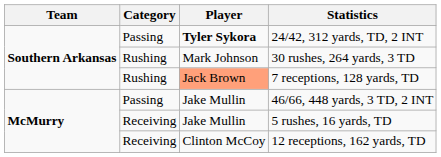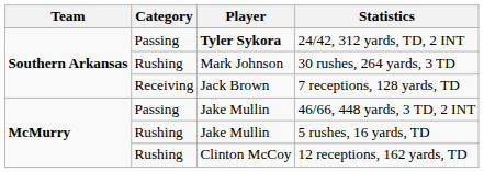 <table class="wikitable" style="float: left;">
 <tr>
 <th>Team</th>
 <th>Category</th>
 <th>Player</th>
 <th>Statistics</th>
 </tr>
 <tr>
 <td rowspan=3><strong>Southern Arkansas</strong></td>
 <td>Passing</td>
 <td><strong>Tyler Sykora</strong></td>
 <td>24/42, 312 yards, TD, 2 INT</td>
 </tr>
 <tr>
 <td>Rushing</td>
 <td>Mark Johnson</td>
 <td>30 rushes, 264 yards, 3 TD</td>
 </tr>
 <tr>
-<td>Rushing</td>
-<td style="background: lightsalmon;">Jack Brown</td>
+<td>Receiving</td>
+<td>Jack Brown</td>
 <td>7 receptions, 128 yards, TD</td>
 </tr>
 <tr>
 <td rowspan=3><strong>McMurry</strong></td>
 <td>Passing</td>
 <td>Jake Mullin</td>
 <td>46/66, 448 yards, 3 TD, 2 INT</td>
 </tr>
 <tr>
-<td>Receiving</td>
+<td>Rushing</td>
 <td>Jake Mullin</td>
 <td>5 rushes, 16 yards, TD</td>
 </tr>
 <tr>
-<td>Receiving</td>
+<td>Rushing</td>
 <td>Clinton McCoy</td>
 <td>12 receptions, 162 yards, TD</td>
 </tr>
 </table>
